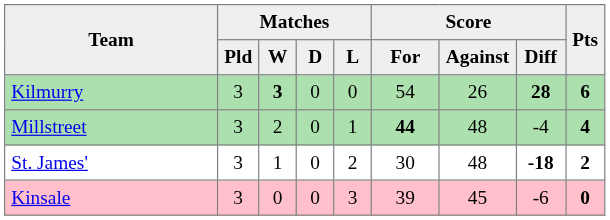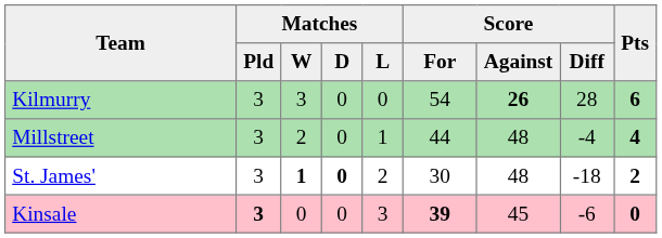 <table style=border-collapse:collapse border=1 cellspacing=0 cellpadding=5>
 <tr align=center bgcolor=#efefef>
 <th rowspan=2 width=165>Team</th>
 <th colspan=4>Matches</th>
 <th colspan=3>Score</th>
 <th rowspan=2width=20>Pts</th>
 </tr>
 <tr align=center bgcolor=#efefef>
 <th width=20>Pld</th>
 <th width=20>W</th>
 <th width=20>D</th>
 <th width=20>L</th>
 <th width=45>For</th>
 <th width=45>Against</th>
 <th width=30>Diff</th>
 </tr>
 <tr align=center style="background:#ACE1AF;">
 <td style="text-align:left;"><a href='#'>Kilmurry</a></td>
 <td>3</td>
-<td><strong>3</strong></td>
+<td>3</td>
 <td>0</td>
 <td>0</td>
 <td>54</td>
-<td>26</td>
-<td><strong>28</strong></td>
+<td><strong>26</strong></td>
+<td>28</td>
 <td><strong>6</strong></td>
 </tr>
 <tr align=center style="background:#ACE1AF;">
 <td style="text-align:left;"><a href='#'>Millstreet</a></td>
 <td>3</td>
 <td>2</td>
 <td>0</td>
 <td>1</td>
-<td><strong>44</strong></td>
+<td>44</td>
 <td>48</td>
 <td>-4</td>
 <td><strong>4</strong></td>
 </tr>
 <tr align=center>
 <td style="text-align:left;"><a href='#'>St. James'</a></td>
 <td>3</td>
-<td>1</td>
-<td>0</td>
+<td><strong>1</strong></td>
+<td><strong>0</strong></td>
 <td>2</td>
 <td>30</td>
 <td>48</td>
-<td><strong>-18</strong></td>
+<td>-18</td>
 <td><strong>2</strong></td>
 </tr>
 <tr align=center style="background:#FFC0CB;">
 <td style="text-align:left;"><a href='#'>Kinsale</a></td>
-<td>3</td>
+<td><strong>3</strong></td>
 <td>0</td>
 <td>0</td>
 <td>3</td>
-<td>39</td>
+<td><strong>39</strong></td>
 <td>45</td>
 <td>-6</td>
 <td><strong>0</strong></td>
 </tr>
 </table>
